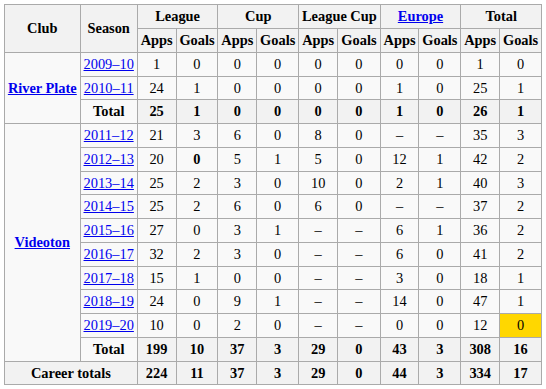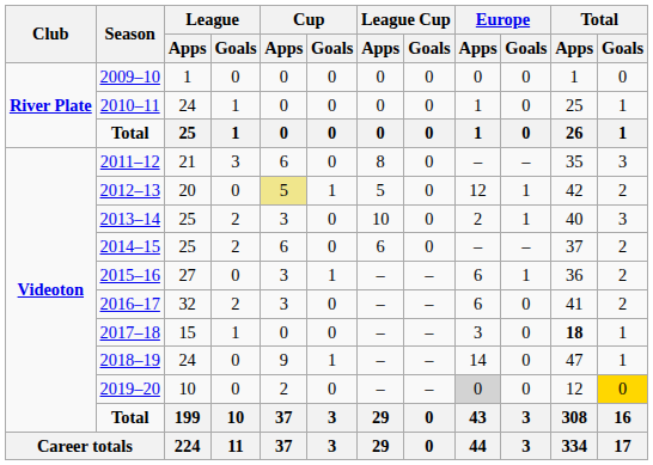 <table class="wikitable" style="font-size:90%; text-align: center;">
 <tr>
 <th rowspan="2">Club</th>
 <th rowspan="2">Season</th>
 <th colspan="2">League</th>
 <th colspan="2">Cup</th>
 <th colspan="2">League Cup</th>
 <th colspan="2"><a href='#'>Europe</a></th>
 <th colspan="2">Total</th>
 </tr>
 <tr>
 <th>Apps</th>
 <th>Goals</th>
 <th>Apps</th>
 <th>Goals</th>
 <th>Apps</th>
 <th>Goals</th>
 <th>Apps</th>
 <th>Goals</th>
 <th>Apps</th>
 <th>Goals</th>
 </tr>
 <tr>
 <td rowspan="3" align=center valign=center><strong><a href='#'>River Plate</a></strong></td>
 <td !colspan="2"><a href='#'>2009–10</a></td>
 <td>1</td>
 <td>0</td>
 <td>0</td>
 <td>0</td>
 <td>0</td>
 <td>0</td>
 <td>0</td>
 <td>0</td>
 <td>1</td>
 <td>0</td>
 </tr>
 <tr>
 <td !colspan="2"><a href='#'>2010–11</a></td>
 <td>24</td>
 <td>1</td>
 <td>0</td>
 <td>0</td>
 <td>0</td>
 <td>0</td>
 <td>1</td>
 <td>0</td>
 <td>25</td>
 <td>1</td>
 </tr>
 <tr>
 <td !colspan="2"><strong>Total</strong></td>
 <th>25</th>
 <th>1</th>
 <th>0</th>
 <th>0</th>
 <th>0</th>
 <th>0</th>
 <th>1</th>
 <th>0</th>
 <th>26</th>
 <th>1</th>
 </tr>
 <tr>
 <td rowspan="10" align=center valign=center><strong><a href='#'>Videoton</a></strong></td>
 <td !colspan="2"><a href='#'>2011–12</a></td>
 <td>21</td>
 <td>3</td>
 <td>6</td>
 <td>0</td>
 <td>8</td>
 <td>0</td>
 <td>–</td>
 <td>–</td>
 <td>35</td>
 <td>3</td>
 </tr>
 <tr>
 <td !colspan="2"><a href='#'>2012–13</a></td>
 <td>20</td>
-<td><strong>0</strong></td>
-<td>5</td>
+<td>0</td>
+<td style="background: khaki;">5</td>
 <td>1</td>
 <td>5</td>
 <td>0</td>
 <td>12</td>
 <td>1</td>
 <td>42</td>
 <td>2</td>
 </tr>
 <tr>
 <td !colspan="2"><a href='#'>2013–14</a></td>
 <td>25</td>
 <td>2</td>
 <td>3</td>
 <td>0</td>
 <td>10</td>
 <td>0</td>
 <td>2</td>
 <td>1</td>
 <td>40</td>
 <td>3</td>
 </tr>
 <tr>
 <td !colspan="2"><a href='#'>2014–15</a></td>
 <td>25</td>
 <td>2</td>
 <td>6</td>
 <td>0</td>
 <td>6</td>
 <td>0</td>
 <td>–</td>
 <td>–</td>
 <td>37</td>
 <td>2</td>
 </tr>
 <tr>
 <td !colspan="2"><a href='#'>2015–16</a></td>
 <td>27</td>
 <td>0</td>
 <td>3</td>
 <td>1</td>
 <td>–</td>
 <td>–</td>
 <td>6</td>
 <td>1</td>
 <td>36</td>
 <td>2</td>
 </tr>
 <tr>
 <td !colspan="2"><a href='#'>2016–17</a></td>
 <td>32</td>
 <td>2</td>
 <td>3</td>
 <td>0</td>
 <td>–</td>
 <td>–</td>
 <td>6</td>
 <td>0</td>
 <td>41</td>
 <td>2</td>
 </tr>
 <tr>
 <td !colspan="2"><a href='#'>2017–18</a></td>
 <td>15</td>
 <td>1</td>
 <td>0</td>
 <td>0</td>
 <td>–</td>
 <td>–</td>
 <td>3</td>
 <td>0</td>
-<td>18</td>
+<td><strong>18</strong></td>
 <td>1</td>
 </tr>
 <tr>
 <td !colspan="2"><a href='#'>2018–19</a></td>
 <td>24</td>
 <td>0</td>
 <td>9</td>
 <td>1</td>
 <td>–</td>
 <td>–</td>
 <td>14</td>
 <td>0</td>
 <td>47</td>
 <td>1</td>
 </tr>
 <tr>
 <td !colspan="2"><a href='#'>2019–20</a></td>
 <td>10</td>
 <td>0</td>
 <td>2</td>
 <td>0</td>
 <td>–</td>
 <td>–</td>
-<td>0</td>
+<td style="background: lightgrey;">0</td>
 <td>0</td>
 <td>12</td>
 <td style="background: gold;">0</td>
 </tr>
 <tr>
 <td !colspan="2"><strong>Total</strong></td>
 <th>199</th>
 <th>10</th>
 <th>37</th>
 <th>3</th>
 <th>29</th>
 <th>0</th>
 <th>43</th>
 <th>3</th>
 <th>308</th>
 <th>16</th>
 </tr>
 <tr>
 <th colspan="2">Career totals</th>
 <th>224</th>
 <th>11</th>
 <th>37</th>
 <th>3</th>
 <th>29</th>
 <th>0</th>
 <th>44</th>
 <th>3</th>
 <th>334</th>
 <th>17</th>
 </tr>
 </table>
